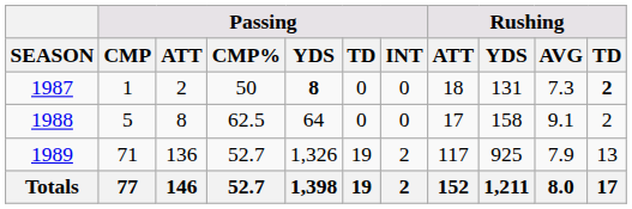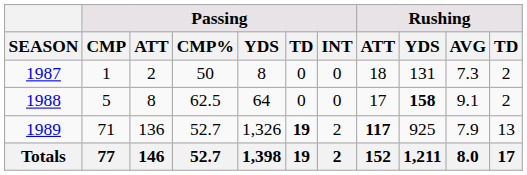 <table class=wikitable style="text-align:center">
 <tr>
 <th></th>
 <th colspan="6" style="background:#e7e3e7;">Passing</th>
 <th colspan="4" style="background:#e7e3e7;">Rushing</th>
 </tr>
 <tr>
 <th>SEASON</th>
 <th>CMP</th>
 <th>ATT</th>
 <th>CMP%</th>
 <th>YDS</th>
 <th>TD</th>
 <th>INT</th>
 <th>ATT</th>
 <th>YDS</th>
 <th>AVG</th>
 <th>TD</th>
 </tr>
 <tr>
 <td><a href='#'>1987</a></td>
 <td>1</td>
 <td>2</td>
 <td>50</td>
-<td><strong>8</strong></td>
+<td>8</td>
 <td>0</td>
 <td>0</td>
 <td>18</td>
 <td>131</td>
 <td>7.3</td>
-<td><strong>2</strong></td>
+<td>2</td>
 </tr>
 <tr>
 <td><a href='#'>1988</a></td>
 <td>5</td>
 <td>8</td>
 <td>62.5</td>
 <td>64</td>
 <td>0</td>
 <td>0</td>
 <td>17</td>
-<td>158</td>
+<td><strong>158</strong></td>
 <td>9.1</td>
 <td>2</td>
 </tr>
 <tr>
 <td><a href='#'>1989</a></td>
 <td>71</td>
 <td>136</td>
 <td>52.7</td>
 <td>1,326</td>
-<td>19</td>
+<td><strong>19</strong></td>
 <td>2</td>
-<td>117</td>
+<td><strong>117</strong></td>
 <td>925</td>
 <td>7.9</td>
 <td>13</td>
 </tr>
 <tr>
 <th>Totals</th>
 <th>77</th>
 <th>146</th>
 <th>52.7</th>
 <th>1,398</th>
 <th>19</th>
 <th>2</th>
 <th>152</th>
 <th>1,211</th>
 <th>8.0</th>
 <th>17</th>
 </tr>
 </table>
